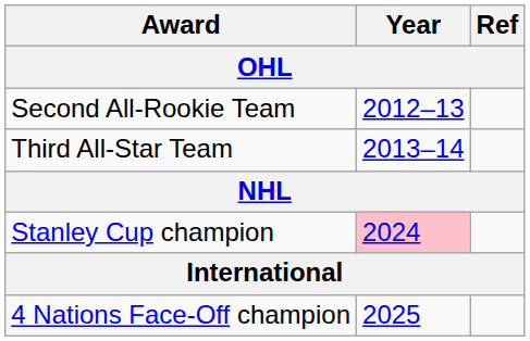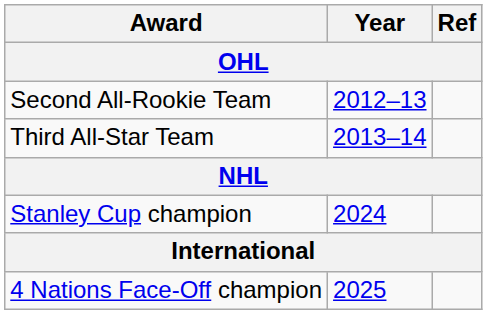 <table class="wikitable">
 <tr>
 <th>Award</th>
 <th>Year</th>
 <th>Ref</th>
 </tr>
 <tr>
 <th colspan="3"><a href='#'>OHL</a></th>
 </tr>
 <tr>
 <td>Second All-Rookie Team</td>
 <td><a href='#'>2012–13</a></td>
 <td></td>
 </tr>
 <tr>
 <td>Third All-Star Team</td>
 <td><a href='#'>2013–14</a></td>
 <td></td>
 </tr>
 <tr>
 <th colspan="3"><a href='#'>NHL</a></th>
 </tr>
 <tr>
 <td><a href='#'>Stanley Cup</a> champion</td>
-<td style="background: pink;"><a href='#'>2024</a></td>
+<td><a href='#'>2024</a></td>
 <td></td>
 </tr>
 <tr>
 <th colspan="3">International</th>
 </tr>
 <tr>
 <td><a href='#'>4 Nations Face-Off</a> champion</td>
 <td><a href='#'>2025</a></td>
 <td></td>
 </tr>
 </table>
